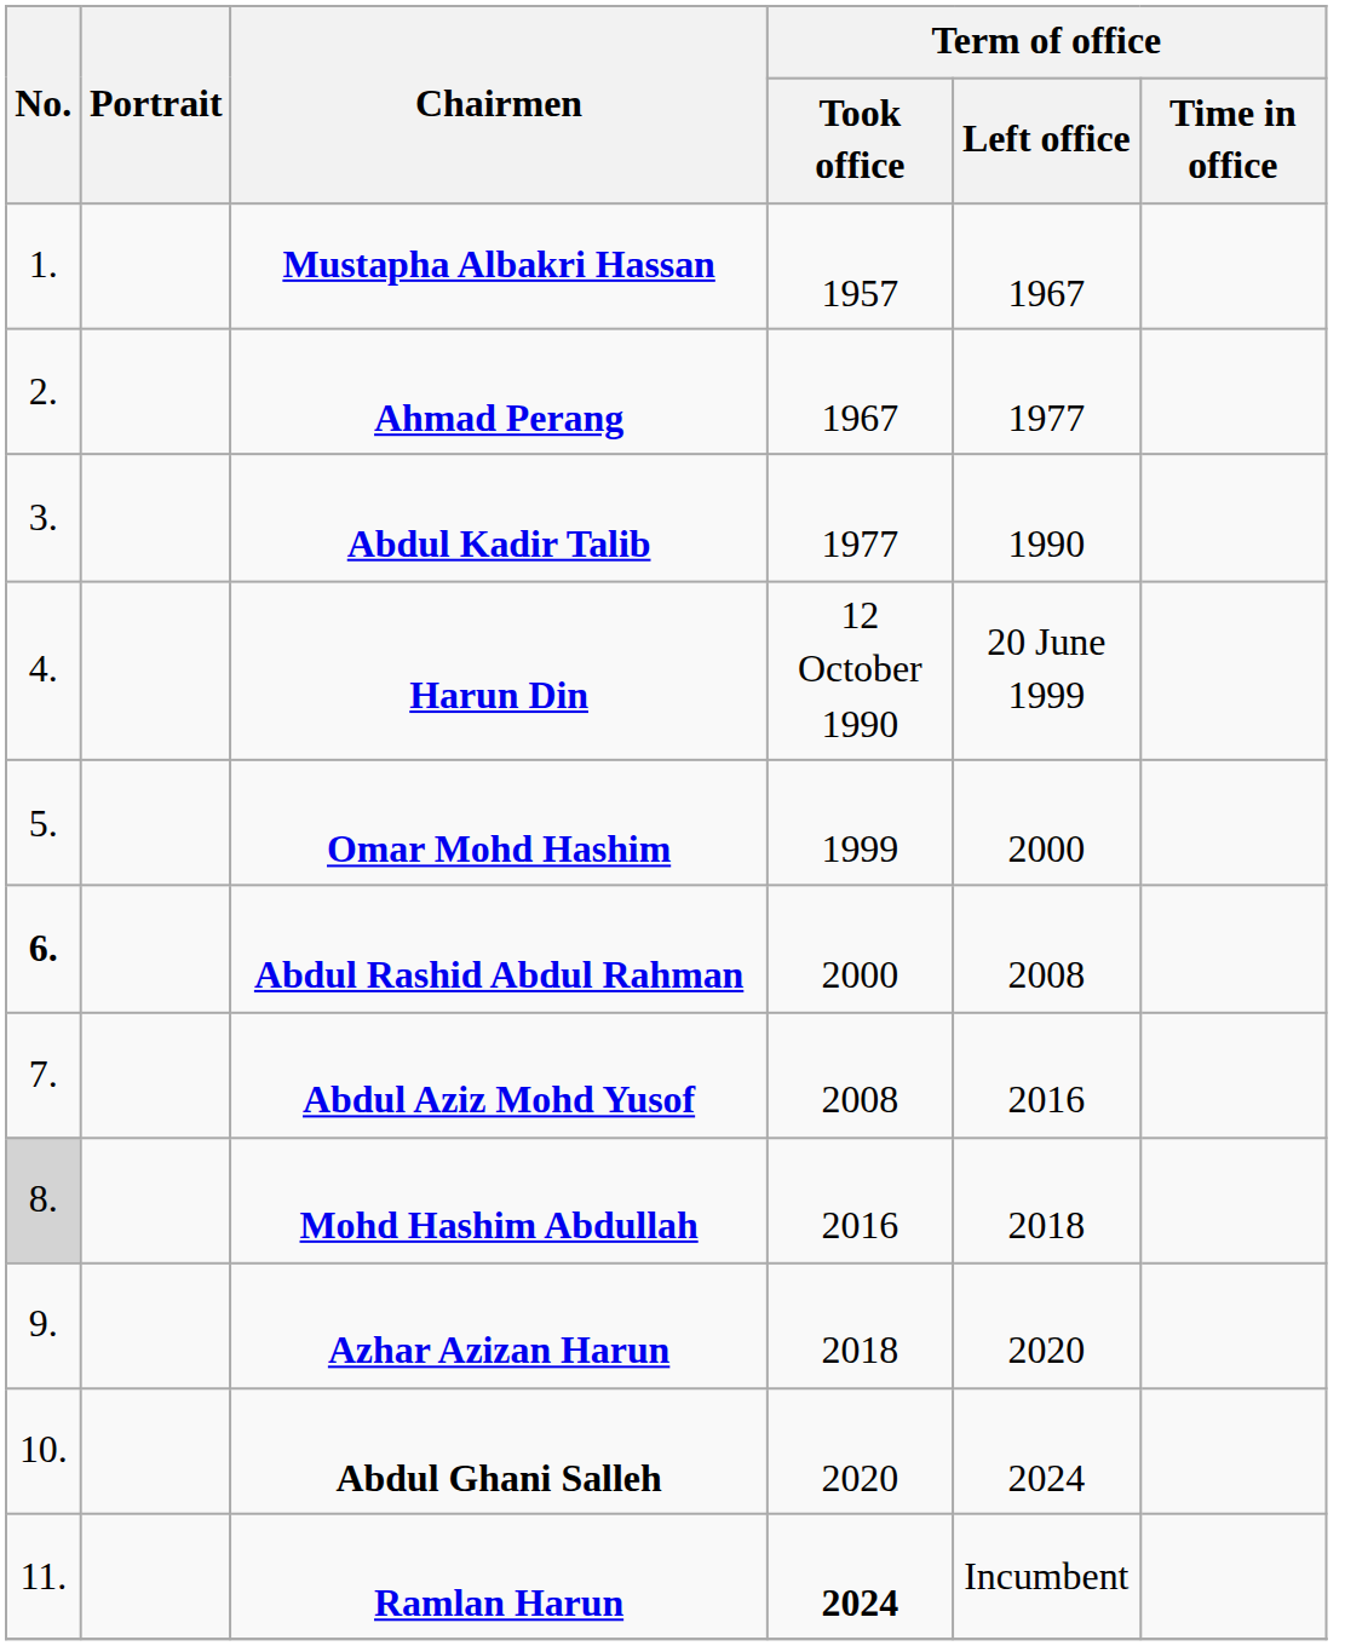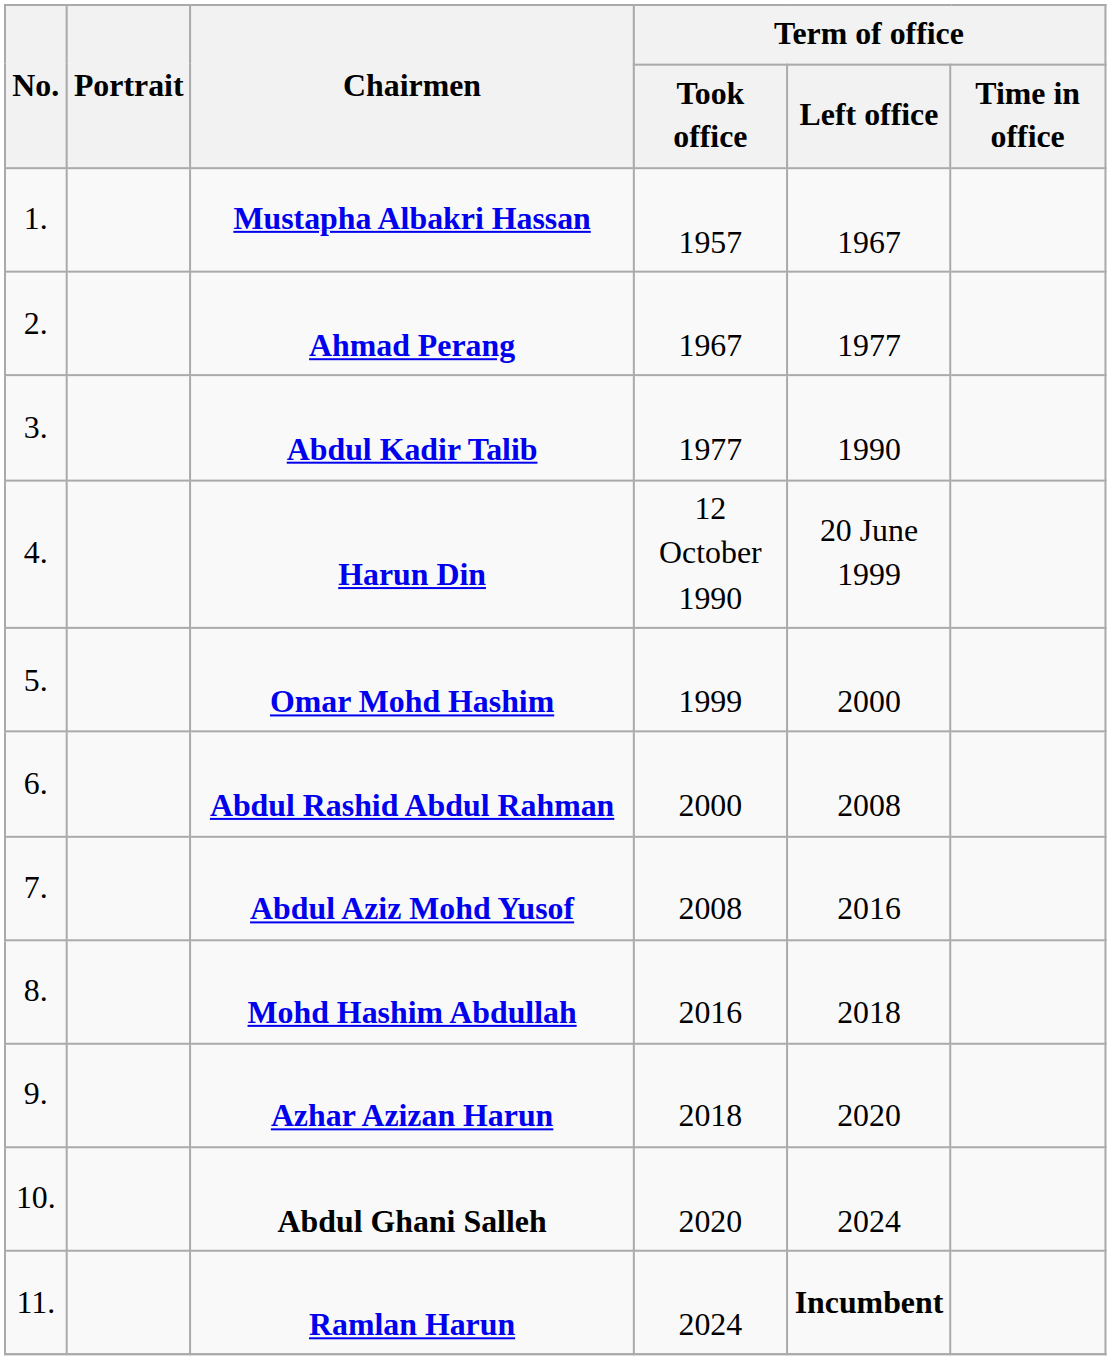 <table class="wikitable" style="line-height:1.4em; text-align:center">
 <tr style="background:#cccccc">
 <th rowspan="2">No.</th>
 <th rowspan=2>Portrait</th>
 <th rowspan="2" width="215">Chairmen</th>
 <th colspan="3">Term of office</th>
 </tr>
 <tr>
 <th style="width:70px;">Took office</th>
 <th style="width:70px;">Left office</th>
 <th style="width:70px;">Time in office</th>
 </tr>
 <tr>
 <td>1.</td>
 <td></td>
 <td><strong><a href='#'>Mustapha Albakri Hassan</a></strong></td>
 <td><br>1957</td>
 <td><br>1967</td>
 <td></td>
 </tr>
 <tr>
 <td>2.</td>
 <td></td>
 <td><br><strong><a href='#'>Ahmad Perang</a></strong></td>
 <td><br>1967</td>
 <td><br>1977</td>
 <td></td>
 </tr>
 <tr>
 <td>3.</td>
 <td></td>
 <td><br><strong><a href='#'>Abdul Kadir Talib</a></strong></td>
 <td><br>1977</td>
 <td><br>1990</td>
 <td></td>
 </tr>
 <tr>
 <td>4.</td>
 <td></td>
 <td><br><strong><a href='#'>Harun Din</a></strong></td>
 <td>12 October 1990</td>
 <td>20 June 1999</td>
 <td></td>
 </tr>
 <tr>
 <td>5.</td>
 <td></td>
 <td><br><strong><a href='#'>Omar Mohd Hashim</a></strong></td>
 <td><br>1999</td>
 <td><br>2000</td>
 <td></td>
 </tr>
 <tr>
-<td><strong>6.</strong></td>
+<td>6.</td>
 <td></td>
 <td><br><strong><a href='#'>Abdul Rashid Abdul Rahman</a></strong></td>
 <td><br>2000</td>
 <td><br>2008</td>
 <td></td>
 </tr>
 <tr>
 <td>7.</td>
 <td></td>
 <td><br><strong><a href='#'>Abdul Aziz Mohd Yusof</a></strong></td>
 <td><br>2008</td>
 <td><br>2016</td>
 <td></td>
 </tr>
 <tr>
-<td style="background: lightgrey;">8.</td>
+<td>8.</td>
 <td></td>
 <td><br><strong><a href='#'>Mohd Hashim Abdullah</a></strong></td>
 <td><br>2016</td>
 <td><br>2018</td>
 <td></td>
 </tr>
 <tr>
 <td>9.</td>
 <td></td>
 <td><br><strong><a href='#'>Azhar Azizan Harun</a></strong><br></td>
 <td><br>2018</td>
 <td><br>2020</td>
 <td></td>
 </tr>
 <tr>
 <td>10.</td>
 <td></td>
 <td><br><strong>Abdul Ghani Salleh</strong><br></td>
 <td><br>2020</td>
 <td><br>2024</td>
 <td></td>
 </tr>
 <tr>
 <td>11.</td>
 <td></td>
 <td><br><strong><a href='#'>Ramlan Harun</a></strong><br></td>
-<td><strong><br>2024</strong></td>
-<td>Incumbent</td>
+<td><br>2024</td>
+<td><strong>Incumbent</strong></td>
 <td></td>
 </tr>
 <tr>
 </tr>
 </table>
